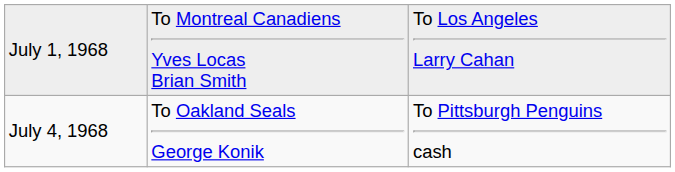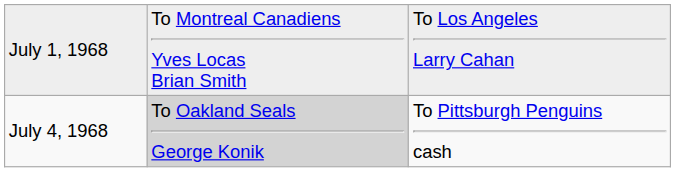 <table class="wikitable" style="border:1px solid #999; width:580px;">
 <tr style="background:#eee;">
 <td>July 1, 1968</td>
 <td valign="top">To <a href='#'>Montreal Canadiens</a><hr><a href='#'>Yves Locas</a><br><a href='#'>Brian Smith</a></td>
 <td valign="top">To <a href='#'>Los Angeles</a><hr><a href='#'>Larry Cahan</a></td>
 </tr>
 <tr>
 <td>July 4, 1968</td>
-<td valign="top">To <a href='#'>Oakland Seals</a><hr><a href='#'>George Konik</a></td>
+<td valign="top" style="background: lightgrey;">To <a href='#'>Oakland Seals</a><hr><a href='#'>George Konik</a></td>
 <td valign="top">To <a href='#'>Pittsburgh Penguins</a><hr>cash</td>
 </tr>
 </table>
